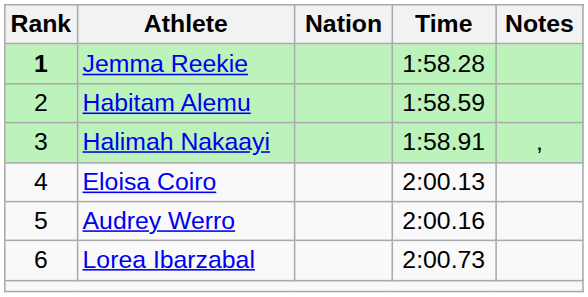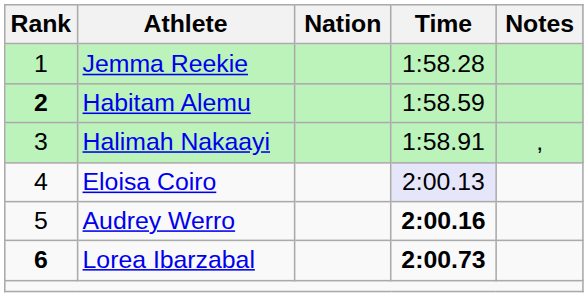 <table class="wikitable sortable" style="text-align:center;width: 60%;">
 <tr>
 <th scope="col" style="width: 10px;">Rank</th>
 <th scope="col">Athlete</th>
 <th scope="col">Nation</th>
 <th scope="col">Time</th>
 <th scope="col">Notes</th>
 </tr>
 <tr bgcolor=bbf3bb>
-<td><strong>1</strong></td>
+<td>1</td>
 <td align=left><a href='#'>Jemma Reekie</a></td>
 <td align=left></td>
 <td>1:58.28</td>
 <td></td>
 </tr>
 <tr bgcolor=bbf3bb>
-<td>2</td>
+<td><strong>2</strong></td>
 <td align=left><a href='#'>Habitam Alemu</a></td>
 <td align=left></td>
 <td>1:58.59</td>
 <td></td>
 </tr>
 <tr bgcolor=bbf3bb>
 <td>3</td>
 <td align=left><a href='#'>Halimah Nakaayi</a></td>
 <td align=left></td>
 <td>1:58.91</td>
 <td>, </td>
 </tr>
 <tr>
 <td>4</td>
 <td align=left><a href='#'>Eloisa Coiro</a></td>
 <td align=left></td>
-<td>2:00.13</td>
+<td style="background: lavender;">2:00.13</td>
 <td></td>
 </tr>
 <tr>
 <td>5</td>
 <td align=left><a href='#'>Audrey Werro</a></td>
 <td align=left></td>
-<td>2:00.16</td>
+<td><strong>2:00.16</strong></td>
 <td></td>
 </tr>
 <tr>
-<td>6</td>
+<td><strong>6</strong></td>
 <td align=left><a href='#'>Lorea Ibarzabal</a></td>
 <td align=left></td>
-<td>2:00.73</td>
+<td><strong>2:00.73</strong></td>
 <td></td>
 </tr>
 <tr class="sortbottom">
 <td colspan="5"></td>
 </tr>
 </table>
